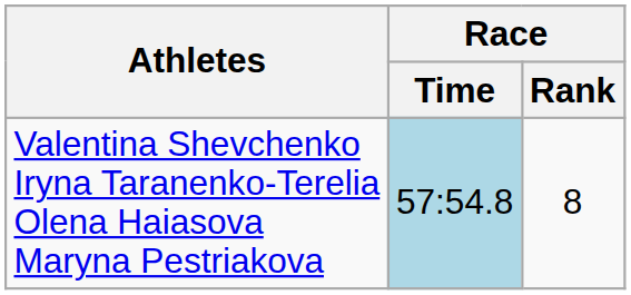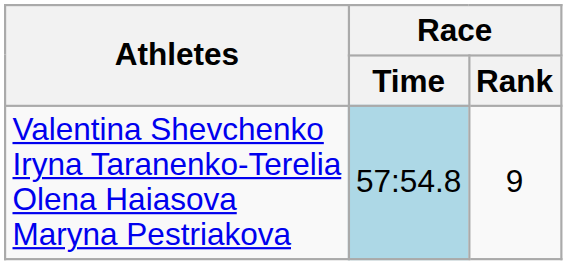 <table class="wikitable" border="1" style="font-size:90%">
 <tr>
 <th rowspan=2>Athletes</th>
 <th colspan=2>Race</th>
 </tr>
 <tr>
 <th>Time</th>
 <th>Rank</th>
 </tr>
 <tr>
 <td><a href='#'>Valentina Shevchenko</a><br><a href='#'>Iryna Taranenko-Terelia</a><br><a href='#'>Olena Haiasova</a><br><a href='#'>Maryna Pestriakova</a></td>
 <td align=center style="background: lightblue;">57:54.8</td>
-<td align=center>8</td>
+<td align=center>9</td>
 </tr>
 </table>
